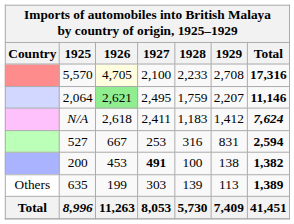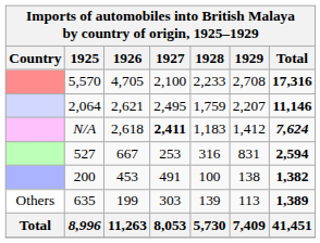 <table class="wikitable" style="text-align: center; font-size:85%;" align="right">
 <tr>
 <th colspan="7">Imports of automobiles into British Malaya<br> by country of origin, 1925–1929</th>
 </tr>
 <tr>
 <th>Country</th>
 <th>1925</th>
 <th>1926</th>
 <th>1927</th>
 <th>1928</th>
 <th>1929</th>
 <th>Total</th>
 </tr>
 <tr>
 <td style="background: #FF8C8C"></td>
 <td>5,570</td>
-<td style="background: lightyellow;">4,705</td>
+<td>4,705</td>
 <td>2,100</td>
 <td>2,233</td>
 <td>2,708</td>
 <td><strong>17,316</strong></td>
 </tr>
 <tr>
 <td style="background: #D1D7FF"></td>
 <td>2,064</td>
-<td style="background: lightgreen;">2,621</td>
+<td>2,621</td>
 <td>2,495</td>
 <td>1,759</td>
 <td>2,207</td>
 <td><strong>11,146</strong></td>
 </tr>
 <tr>
 <td style="background: #FFC1FB"></td>
 <td><em>N/A</em></td>
 <td>2,618</td>
-<td>2,411</td>
+<td><strong>2,411</strong></td>
 <td>1,183</td>
 <td>1,412</td>
 <td><strong><em>7,624</em></strong></td>
 </tr>
 <tr>
 <td style="background: #BCFFB8"></td>
 <td>527</td>
 <td>667</td>
 <td>253</td>
 <td>316</td>
 <td>831</td>
 <td><strong>2,594</strong></td>
 </tr>
 <tr>
 <td style="background: #A9B3FF"></td>
 <td>200</td>
 <td>453</td>
-<td><strong>491</strong></td>
+<td>491</td>
 <td>100</td>
 <td>138</td>
 <td><strong>1,382</strong></td>
 </tr>
 <tr>
 <td style="background: #FFFFFF">Others</td>
 <td>635</td>
 <td>199</td>
 <td>303</td>
 <td>139</td>
 <td>113</td>
 <td><strong>1,389</strong></td>
 </tr>
 <tr>
 <th>Total</th>
 <th><em>8,996</em></th>
 <th>11,263</th>
 <th>8,053</th>
 <th>5,730</th>
 <th>7,409</th>
 <th>41,451</th>
 </tr>
 <tr>
 </tr>
 </table>
